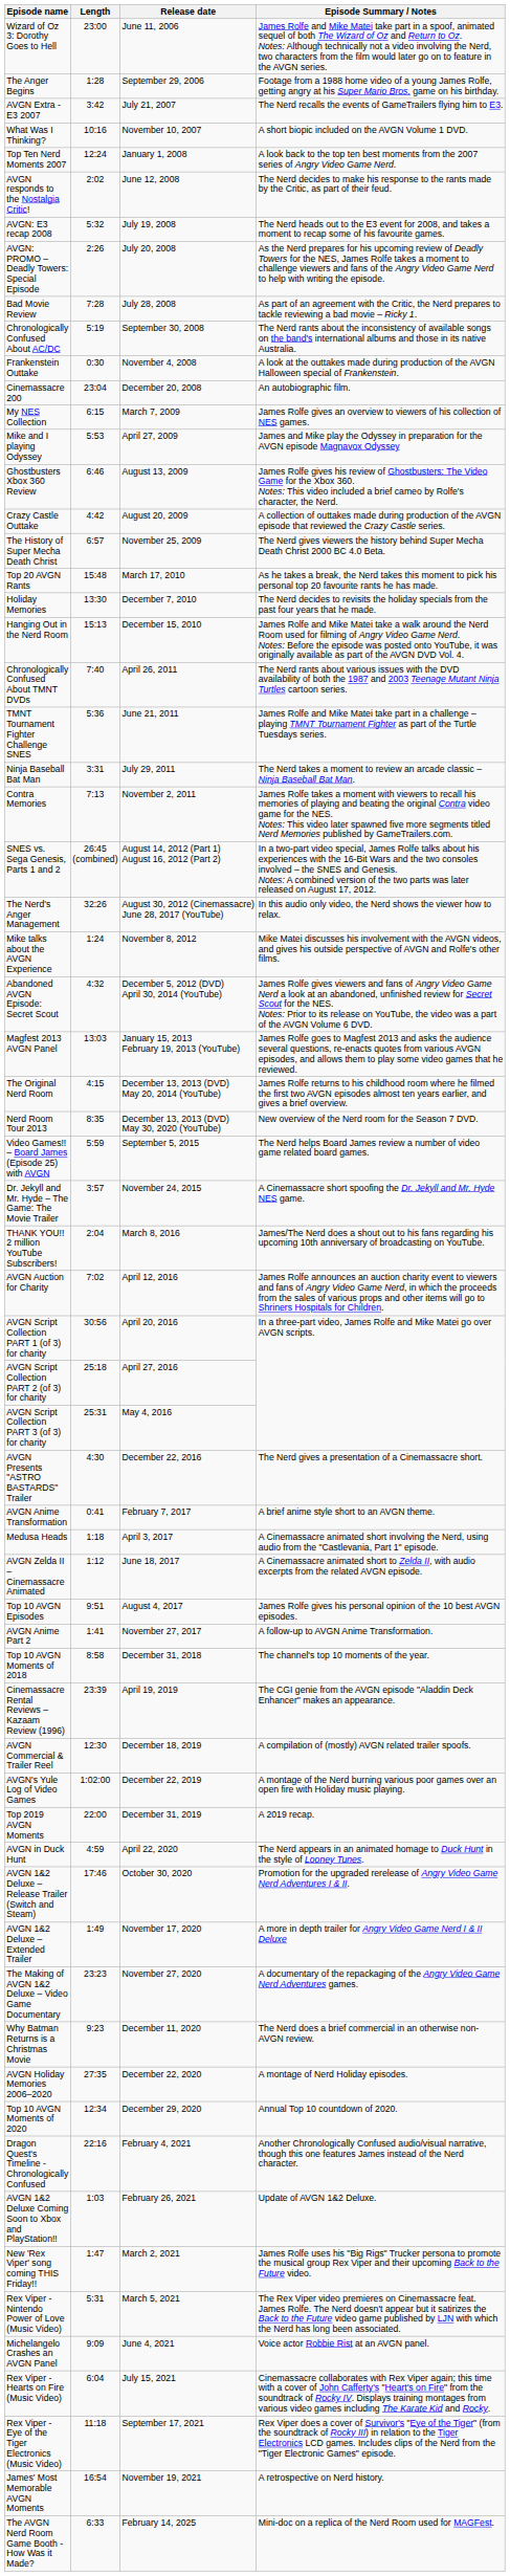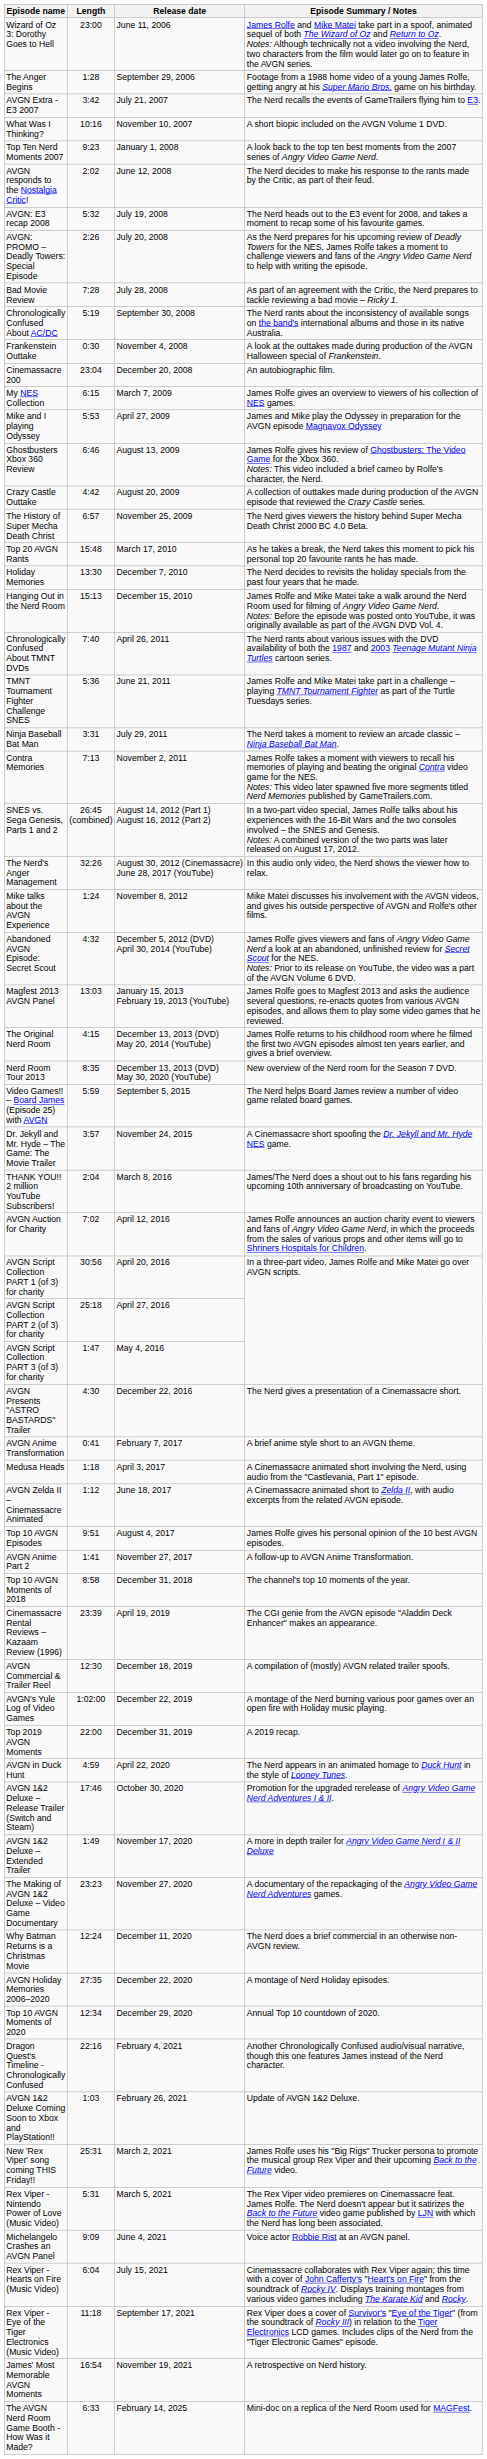 <table class="wikitable" 85%; 100%; 5px;">
 <tr>
 <th>Episode name</th>
 <th>Length</th>
 <th>Release date</th>
 <th>Episode Summary / Notes</th>
 </tr>
 <tr>
 <td valign="top">Wizard of Oz 3: Dorothy Goes to Hell</td>
 <td style="vertical-align:top; text-align:center;">23:00</td>
 <td valign="top" nowrap>June 11, 2006</td>
 <td valign="top"><a href='#'>James Rolfe</a> and <a href='#'>Mike Matei</a> take part in a spoof, animated sequel of both <em><a href='#'>The Wizard of Oz</a></em> and <em><a href='#'>Return to Oz</a></em>.<br><em>Notes:</em> Although technically not a video involving the Nerd, two characters from the film would later go on to feature in the AVGN series.</td>
 </tr>
 <tr>
 <td valign="top">The Anger Begins</td>
 <td style="vertical-align:top; text-align:center;">1:28</td>
 <td valign="top" nowrap>September 29, 2006</td>
 <td valign="top">Footage from a 1988 home video of a young James Rolfe, getting angry at his <em><a href='#'>Super Mario Bros.</a></em> game on his birthday.</td>
 </tr>
 <tr>
 <td valign="top">AVGN Extra - E3 2007</td>
 <td style="vertical-align:top; text-align:center;">3:42</td>
 <td valign="top" nowrap>July 21, 2007</td>
 <td valign="top" nowrap>The Nerd recalls the events of GameTrailers flying him to <a href='#'>E3</a>.</td>
 </tr>
 <tr>
 <td valign="top">What Was I Thinking?</td>
 <td style="vertical-align:top; text-align:center;">10:16</td>
 <td valign="top" nowrap>November 10, 2007</td>
 <td valign="top">A short biopic included on the AVGN Volume 1 DVD.</td>
 </tr>
 <tr>
 <td valign="top">Top Ten Nerd Moments 2007</td>
-<td style="vertical-align:top; text-align:center;">12:24</td>
+<td style="vertical-align:top; text-align:center;">9:23</td>
 <td valign="top" nowrap>January 1, 2008</td>
 <td valign="top">A look back to the top ten best moments from the 2007 series of <em>Angry Video Game Nerd</em>.</td>
 </tr>
 <tr>
 <td valign="top">AVGN responds to the <a href='#'>Nostalgia Critic</a>!</td>
 <td style="vertical-align:top; text-align:center;">2:02</td>
 <td valign="top" nowrap>June 12, 2008</td>
 <td valign="top">The Nerd decides to make his response to the rants made by the Critic, as part of their feud.</td>
 </tr>
 <tr>
 <td valign="top">AVGN: E3 recap 2008</td>
 <td style="vertical-align:top; text-align:center;">5:32</td>
 <td valign="top" nowrap>July 19, 2008</td>
 <td valign="top">The Nerd heads out to the E3 event for 2008, and takes a moment to recap some of his favourite games.</td>
 </tr>
 <tr>
 <td valign="top">AVGN: PROMO – Deadly Towers: Special Episode</td>
 <td style="vertical-align:top; text-align:center;">2:26</td>
 <td valign="top" nowrap>July 20, 2008</td>
 <td valign="top">As the Nerd prepares for his upcoming review of <em>Deadly Towers</em> for the NES, James Rolfe takes a moment to challenge viewers and fans of the <em>Angry Video Game Nerd</em> to help with writing the episode.</td>
 </tr>
 <tr>
 <td valign="top">Bad Movie Review</td>
 <td style="vertical-align:top; text-align:center;">7:28</td>
 <td valign="top" nowrap>July 28, 2008</td>
 <td valign="top">As part of an agreement with the Critic, the Nerd prepares to tackle reviewing a bad movie – <em>Ricky 1</em>.</td>
 </tr>
 <tr>
 <td valign="top">Chronologically Confused About <a href='#'>AC/DC</a></td>
 <td style="vertical-align:top; text-align:center;">5:19</td>
 <td valign="top" nowrap>September 30, 2008</td>
 <td valign="top">The Nerd rants about the inconsistency of available songs on <a href='#'>the band's</a> international albums and those in its native Australia.</td>
 </tr>
 <tr>
 <td valign="top">Frankenstein Outtake</td>
 <td style="vertical-align:top; text-align:center;">0:30</td>
 <td valign="top" nowrap>November 4, 2008</td>
 <td valign="top">A look at the outtakes made during production of the AVGN Halloween special of <em>Frankenstein</em>.</td>
 </tr>
 <tr>
 <td valign="top">Cinemassacre 200</td>
 <td style="vertical-align:top; text-align:center;">23:04</td>
 <td valign="top" nowrap>December 20, 2008</td>
 <td valign="top">An autobiographic film.</td>
 </tr>
 <tr>
 <td valign="top">My <a href='#'>NES</a> Collection</td>
 <td style="vertical-align:top; text-align:center;">6:15</td>
 <td valign="top" nowrap>March 7, 2009</td>
 <td valign="top">James Rolfe gives an overview to viewers of his collection of <a href='#'>NES</a> games.</td>
 </tr>
 <tr>
 <td valign="top">Mike and I playing Odyssey</td>
 <td style="vertical-align:top; text-align:center;">5:53</td>
 <td valign="top" nowrap>April 27, 2009</td>
 <td valign="top">James and Mike play the Odyssey in preparation for the AVGN episode <a href='#'>Magnavox Odyssey</a></td>
 </tr>
 <tr>
 <td valign="top">Ghostbusters Xbox 360 Review</td>
 <td style="vertical-align:top; text-align:center;">6:46</td>
 <td valign="top" nowrap>August 13, 2009</td>
 <td valign="top">James Rolfe gives his review of <a href='#'>Ghostbusters: The Video Game</a> for the Xbox 360.<br><em>Notes:</em> This video included a brief cameo by Rolfe's character, the Nerd.</td>
 </tr>
 <tr>
 <td valign="top">Crazy Castle Outtake</td>
 <td style="vertical-align:top; text-align:center;">4:42</td>
 <td valign="top" nowrap>August 20, 2009</td>
 <td valign="top">A collection of outtakes made during production of the AVGN episode that reviewed the <em>Crazy Castle</em> series.</td>
 </tr>
 <tr>
 <td valign="top">The History of Super Mecha Death Christ</td>
 <td style="vertical-align:top; text-align:center;">6:57</td>
 <td valign="top" nowrap>November 25, 2009</td>
 <td valign="top">The Nerd gives viewers the history behind Super Mecha Death Christ 2000 BC 4.0 Beta.</td>
 </tr>
 <tr>
 <td valign="top">Top 20 AVGN Rants</td>
 <td style="vertical-align:top; text-align:center;">15:48</td>
 <td valign="top" nowrap>March 17, 2010</td>
 <td valign="top">As he takes a break, the Nerd takes this moment to pick his personal top 20 favourite rants he has made.</td>
 </tr>
 <tr>
 <td valign="top">Holiday Memories</td>
 <td style="vertical-align:top; text-align:center;">13:30</td>
 <td valign="top">December 7, 2010</td>
 <td valign="top">The Nerd decides to revisits the holiday specials from the past four years that he made.</td>
 </tr>
 <tr>
 <td valign="top">Hanging Out in the Nerd Room</td>
 <td style="vertical-align:top; text-align:center;">15:13</td>
 <td valign="top">December 15, 2010</td>
 <td valign="top">James Rolfe and Mike Matei take a walk around the Nerd Room used for filming of <em>Angry Video Game Nerd</em>.<br><em>Notes:</em> Before the episode was posted onto YouTube, it was originally available as part of the AVGN DVD Vol. 4.</td>
 </tr>
 <tr>
 <td valign="top">Chronologically Confused About TMNT DVDs</td>
 <td style="vertical-align:top; text-align:center;">7:40</td>
 <td valign="top">April 26, 2011</td>
 <td valign="top">The Nerd rants about various issues with the DVD availability of both the <a href='#'>1987</a> and <a href='#'>2003</a> <em><a href='#'>Teenage Mutant Ninja Turtles</a></em> cartoon series.</td>
 </tr>
 <tr>
 <td valign="top">TMNT Tournament Fighter Challenge SNES</td>
 <td style="vertical-align:top; text-align:center;">5:36</td>
 <td valign="top">June 21, 2011</td>
 <td valign="top">James Rolfe and Mike Matei take part in a challenge – playing <em><a href='#'>TMNT Tournament Fighter</a></em> as part of the Turtle Tuesdays series.</td>
 </tr>
 <tr>
 <td valign="top">Ninja Baseball Bat Man</td>
 <td style="vertical-align:top; text-align:center;">3:31</td>
 <td valign="top">July 29, 2011</td>
 <td valign="top">The Nerd takes a moment to review an arcade classic – <em><a href='#'>Ninja Baseball Bat Man</a></em>.</td>
 </tr>
 <tr>
 <td valign="top">Contra Memories</td>
 <td style="vertical-align:top; text-align:center;">7:13</td>
 <td valign="top" nowrap>November 2, 2011</td>
 <td valign="top">James Rolfe takes a moment with viewers to recall his memories of playing and beating the original <em><a href='#'>Contra</a></em> video game for the NES.<br><em>Notes:</em> This video later spawned five more segments titled <em>Nerd Memories</em> published by GameTrailers.com.</td>
 </tr>
 <tr>
 <td valign="top">SNES vs. Sega Genesis, Parts 1 and 2</td>
 <td style="vertical-align:top; text-align:center;">26:45 (combined)</td>
 <td valign="top">August 14, 2012 (Part 1)<br>August 16, 2012 (Part 2)</td>
 <td valign="top">In a two-part video special, James Rolfe talks about his experiences with the 16-Bit Wars and the two consoles involved – the SNES and Genesis.<br><em>Notes:</em> A combined version of the two parts was later released on August 17, 2012.</td>
 </tr>
 <tr>
 <td valign="top">The Nerd's Anger Management</td>
 <td style="vertical-align:top; text-align:center;">32:26</td>
 <td valign="top" nowrap>August 30, 2012 (Cinemassacre)<br>June 28, 2017 (YouTube)</td>
 <td valign="top">In this audio only video, the Nerd shows the viewer how to relax.</td>
 </tr>
 <tr>
 <td valign="top">Mike talks about the AVGN Experience</td>
 <td style="vertical-align:top; text-align:center;">1:24</td>
 <td valign="top" nowrap>November 8, 2012</td>
 <td valign="top">Mike Matei discusses his involvement with the AVGN videos, and gives his outside perspective of AVGN and Rolfe's other films.</td>
 </tr>
 <tr>
 <td valign="top">Abandoned AVGN Episode: Secret Scout</td>
 <td style="vertical-align:top; text-align:center;">4:32</td>
 <td valign="top" nowrap>December 5, 2012 (DVD)<br> April 30, 2014 (YouTube)</td>
 <td valign="top">James Rolfe gives viewers and fans of <em>Angry Video Game Nerd</em> a look at an abandoned, unfinished review for <em><a href='#'>Secret Scout</a></em> for the NES.<br><em>Notes:</em> Prior to its release on YouTube, the video was a part of the AVGN Volume 6 DVD.</td>
 </tr>
 <tr>
 <td valign="top">Magfest 2013 AVGN Panel</td>
 <td style="vertical-align:top; text-align:center;">13:03</td>
 <td valign="top" nowrap>January 15, 2013 <br> February 19, 2013 (YouTube)</td>
 <td valign="top">James Rolfe goes to Magfest 2013 and asks the audience several questions, re-enacts quotes from various AVGN episodes, and allows them to play some video games that he reviewed.</td>
 </tr>
 <tr>
 <td valign="top">The Original Nerd Room</td>
 <td style="vertical-align:top; text-align:center;">4:15</td>
 <td valign="top" nowrap>December 13, 2013 (DVD)<br> May 20, 2014 (YouTube)</td>
 <td valign="top">James Rolfe returns to his childhood room where he filmed the first two AVGN episodes almost ten years earlier, and gives a brief overview.</td>
 </tr>
 <tr>
 <td valign="top">Nerd Room Tour 2013</td>
 <td style="vertical-align:top; text-align:center;">8:35</td>
 <td valign="top" nowrap>December 13, 2013 (DVD)<br> May 30, 2020 (YouTube)</td>
 <td valign="top">New overview of the Nerd room for the Season 7 DVD.</td>
 </tr>
 <tr>
 <td valign="top">Video Games!! – <a href='#'>Board James</a> (Episode 25) with <a href='#'>AVGN</a></td>
 <td style="vertical-align:top; text-align:center;">5:59</td>
 <td valign="top" nowrap>September 5, 2015</td>
 <td valign="top">The Nerd helps Board James review a number of video game related board games.</td>
 </tr>
 <tr>
 <td valign="top">Dr. Jekyll and Mr. Hyde – The Game: The Movie Trailer</td>
 <td style="vertical-align:top; text-align:center;">3:57</td>
 <td valign="top" nowrap>November 24, 2015</td>
 <td valign="top">A Cinemassacre short spoofing the <em><a href='#'>Dr. Jekyll and Mr. Hyde</a></em> <a href='#'>NES</a> game.</td>
 </tr>
 <tr>
 <td valign="top">THANK YOU!! 2 million YouTube Subscribers!</td>
 <td style="vertical-align:top; text-align:center;">2:04</td>
 <td valign="top" nowrap>March 8, 2016</td>
 <td valign="top">James/The Nerd does a shout out to his fans regarding his upcoming 10th anniversary of broadcasting on YouTube.</td>
 </tr>
 <tr>
 <td valign="top">AVGN Auction for Charity</td>
 <td style="vertical-align:top; text-align:center;">7:02</td>
 <td valign="top" nowrap>April 12, 2016</td>
 <td valign="top">James Rolfe announces an auction charity event to viewers and fans of <em>Angry Video Game Nerd</em>, in which the proceeds from the sales of various props and other items will go to <a href='#'>Shriners Hospitals for Children</a>.</td>
 </tr>
 <tr>
 <td valign="top">AVGN Script Collection PART 1 (of 3) for charity</td>
 <td style="vertical-align:top; text-align:center;">30:56</td>
 <td valign="top" nowrap>April 20, 2016</td>
 <td style="vertical-align:top;" rowspan="3">In a three-part video, James Rolfe and Mike Matei go over AVGN scripts.</td>
 </tr>
 <tr>
 <td valign="top">AVGN Script Collection PART 2 (of 3) for charity</td>
 <td style="vertical-align:top; text-align:center;">25:18</td>
 <td valign="top" nowrap>April 27, 2016</td>
 </tr>
 <tr>
 <td valign="top">AVGN Script Collection PART 3 (of 3) for charity</td>
-<td style="vertical-align:top; text-align:center;">25:31</td>
+<td style="vertical-align:top; text-align:center;">1:47</td>
 <td valign="top" nowrap>May 4, 2016</td>
 </tr>
 <tr>
 <td valign="top">AVGN Presents "ASTRO BASTARDS" Trailer</td>
 <td style="vertical-align:top; text-align:center;">4:30</td>
 <td valign="top" nowrap>December 22, 2016</td>
 <td valign="top">The Nerd gives a presentation of a Cinemassacre short.</td>
 </tr>
 <tr>
 <td valign="top">AVGN Anime Transformation</td>
 <td style="vertical-align:top; text-align:center;">0:41</td>
 <td valign="top" nowrap>February 7, 2017</td>
 <td valign="top">A brief anime style short to an AVGN theme.</td>
 </tr>
 <tr>
 <td valign="top">Medusa Heads</td>
 <td style="vertical-align:top; text-align:center;">1:18</td>
 <td valign="top" nowrap>April 3, 2017</td>
 <td valign="top">A Cinemassacre animated short involving the Nerd, using audio from the "Castlevania, Part 1" episode.</td>
 </tr>
 <tr>
 <td valign="top">AVGN Zelda II – Cinemassacre Animated</td>
 <td style="vertical-align:top; text-align:center;">1:12</td>
 <td valign="top" nowrap>June 18, 2017</td>
 <td valign="top">A Cinemassacre animated short to <em><a href='#'>Zelda II</a></em>, with audio excerpts from the related AVGN episode.</td>
 </tr>
 <tr>
 <td valign="top">Top 10 AVGN Episodes</td>
 <td style="vertical-align:top; text-align:center;">9:51</td>
 <td valign="top" nowrap>August 4, 2017</td>
 <td valign="top">James Rolfe gives his personal opinion of the 10 best AVGN episodes.</td>
 </tr>
 <tr>
 <td valign="top">AVGN Anime Part 2</td>
 <td style="vertical-align:top; text-align:center;">1:41</td>
 <td valign="top" nowrap>November 27, 2017</td>
 <td valign="top">A follow-up to AVGN Anime Transformation.</td>
 </tr>
 <tr>
 <td valign="top">Top 10 AVGN Moments of 2018</td>
 <td style="vertical-align:top; text-align:center;">8:58</td>
 <td valign="top" nowrap>December 31, 2018</td>
 <td valign="top">The channel's top 10 moments of the year.</td>
 </tr>
 <tr>
 <td valign="top">Cinemassacre Rental Reviews – Kazaam Review (1996)</td>
 <td style="vertical-align:top; text-align:center;">23:39</td>
 <td valign="top" nowrap>April 19, 2019</td>
 <td valign="top">The CGI genie from the AVGN episode "Aladdin Deck Enhancer" makes an appearance.</td>
 </tr>
 <tr>
 <td valign="top">AVGN Commercial & Trailer Reel</td>
 <td style="vertical-align:top; text-align:center;">12:30</td>
 <td valign="top" nowrap>December 18, 2019</td>
 <td valign="top">A compilation of (mostly) AVGN related trailer spoofs.</td>
 </tr>
 <tr>
 <td valign="top">AVGN's Yule Log of Video Games</td>
 <td style="vertical-align:top; text-align:center;">1:02:00</td>
 <td valign="top" nowrap>December 22, 2019</td>
 <td valign="top">A montage of the Nerd burning various poor games over an open fire with Holiday music playing.</td>
 </tr>
 <tr>
 <td valign="top">Top 2019 AVGN Moments</td>
 <td style="vertical-align:top; text-align:center;">22:00</td>
 <td valign="top" nowrap>December 31, 2019</td>
 <td valign="top">A 2019 recap.</td>
 </tr>
 <tr>
 <td valign="top">AVGN in Duck Hunt</td>
 <td style="vertical-align:top; text-align:center;">4:59</td>
 <td valign="top" nowrap>April 22, 2020</td>
 <td valign="top">The Nerd appears in an animated homage to <em><a href='#'>Duck Hunt</a></em> in the style of <em><a href='#'>Looney Tunes</a></em>.</td>
 </tr>
 <tr>
 <td valign="top">AVGN 1&2 Deluxe – Release Trailer (Switch and Steam)</td>
 <td style="vertical-align:top; text-align:center;">17:46</td>
 <td valign="top" nowrap>October 30, 2020</td>
 <td valign="top">Promotion for the upgraded rerelease of <em><a href='#'>Angry Video Game Nerd Adventures I & II</a></em>.</td>
 </tr>
 <tr>
 <td valign="top">AVGN 1&2 Deluxe – Extended Trailer</td>
 <td style="vertical-align:top; text-align:center;">1:49</td>
 <td valign="top" nowrap>November 17, 2020</td>
 <td valign="top">A more in depth trailer for <em><a href='#'>Angry Video Game Nerd I & II Deluxe</a></em></td>
 </tr>
 <tr>
 <td valign="top">The Making of AVGN 1&2 Deluxe – Video Game Documentary</td>
 <td style="vertical-align:top; text-align:center;">23:23</td>
 <td valign="top" nowrap>November 27, 2020</td>
 <td valign="top">A documentary of the repackaging of the <em><a href='#'>Angry Video Game Nerd Adventures</a></em> games.</td>
 </tr>
 <tr>
 <td valign="top">Why Batman Returns is a Christmas Movie</td>
-<td style="vertical-align:top; text-align:center;">9:23</td>
+<td style="vertical-align:top; text-align:center;">12:24</td>
 <td valign="top" nowrap>December 11, 2020</td>
 <td valign="top">The Nerd does a brief commercial in an otherwise non-AVGN review.</td>
 </tr>
 <tr>
 <td valign="top">AVGN Holiday Memories 2006–2020</td>
 <td style="vertical-align:top; text-align:center;">27:35</td>
 <td valign="top" nowrap>December 22, 2020</td>
 <td valign="top">A montage of Nerd Holiday episodes.</td>
 </tr>
 <tr>
 <td valign="top">Top 10 AVGN Moments of 2020</td>
 <td style="vertical-align:top; text-align:center;">12:34</td>
 <td valign="top" nowrap>December 29, 2020</td>
 <td valign="top">Annual Top 10 countdown of 2020.</td>
 </tr>
 <tr>
 <td valign="top">Dragon Quest's Timeline - Chronologically Confused</td>
 <td style="vertical-align:top; text-align:center;">22:16</td>
 <td valign="top" nowrap>February 4, 2021</td>
 <td valign="top">Another Chronologically Confused audio/visual narrative, though this one features James instead of the Nerd character.</td>
 </tr>
 <tr>
 <td valign="top">AVGN 1&2 Deluxe Coming Soon to Xbox and PlayStation!!</td>
 <td style="vertical-align:top; text-align:center;">1:03</td>
 <td valign="top" nowrap>February 26, 2021</td>
 <td valign="top">Update of AVGN 1&2 Deluxe.</td>
 </tr>
 <tr>
 <td valign="top">New 'Rex Viper' song coming THIS Friday!!</td>
-<td style="vertical-align:top; text-align:center;">1:47</td>
+<td style="vertical-align:top; text-align:center;">25:31</td>
 <td valign="top" nowrap>March 2, 2021</td>
 <td valign="top">James Rolfe uses his "Big Rigs" Trucker persona to promote the musical group Rex Viper and their upcoming <em><a href='#'>Back to the Future</a></em> video.</td>
 </tr>
 <tr>
 <td valign="top">Rex Viper - Nintendo Power of Love (Music Video)</td>
 <td style="vertical-align:top; text-align:center;">5:31</td>
 <td valign="top" nowrap>March 5, 2021</td>
 <td valign="top">The Rex Viper video premieres on Cinemassacre feat. James Rolfe. The Nerd doesn't appear but it satirizes the <em><a href='#'>Back to the Future</a></em> video game published by <a href='#'>LJN</a> with which the Nerd has long been associated.</td>
 </tr>
 <tr>
 <td valign="top">Michelangelo Crashes an AVGN Panel</td>
 <td style="vertical-align:top; text-align:center;">9:09</td>
 <td valign="top" nowrap>June 4, 2021</td>
 <td valign="top">Voice actor <a href='#'>Robbie Rist</a> at an AVGN panel.</td>
 </tr>
 <tr>
 <td valign="top">Rex Viper - Hearts on Fire (Music Video)</td>
 <td style="vertical-align:top; text-align:center;">6:04</td>
 <td valign="top" nowrap>July 15, 2021</td>
 <td valign="top">Cinemassacre collaborates with Rex Viper again; this time with a cover of <a href='#'>John Cafferty's</a> "<a href='#'>Heart's on Fire</a>" from the soundtrack of <em><a href='#'>Rocky IV</a></em>. Displays training montages from various video games including <em><a href='#'>The Karate Kid</a></em> and <em><a href='#'>Rocky</a></em>.</td>
 </tr>
 <tr>
 <td valign="top">Rex Viper - Eye of the Tiger Electronics (Music Video)</td>
 <td style="vertical-align:top; text-align:center;">11:18</td>
 <td valign="top" nowrap>September 17, 2021</td>
 <td valign="top">Rex Viper does a cover of <a href='#'>Survivor's</a> "<a href='#'>Eye of the Tiger</a>" (from the soundtrack of <em><a href='#'>Rocky III</a></em>) in relation to the <a href='#'>Tiger Electronics</a> LCD games. Includes clips of the Nerd from the "Tiger Electronic Games" episode.</td>
 </tr>
 <tr>
 <td valign="top">James' Most Memorable AVGN Moments</td>
 <td style="vertical-align:top; text-align:center;">16:54</td>
 <td valign="top" nowrap>November 19, 2021</td>
 <td valign="top">A retrospective on Nerd history.</td>
 </tr>
 <tr>
 <td valign="top">The AVGN Nerd Room Game Booth - How Was it Made?</td>
 <td style="vertical-align:top; text-align:center;">6:33</td>
 <td valign="top" nowrap>February 14, 2025</td>
 <td valign="top">Mini-doc on a replica of the Nerd Room used for <a href='#'>MAGFest</a>.</td>
 </tr>
 </table>
